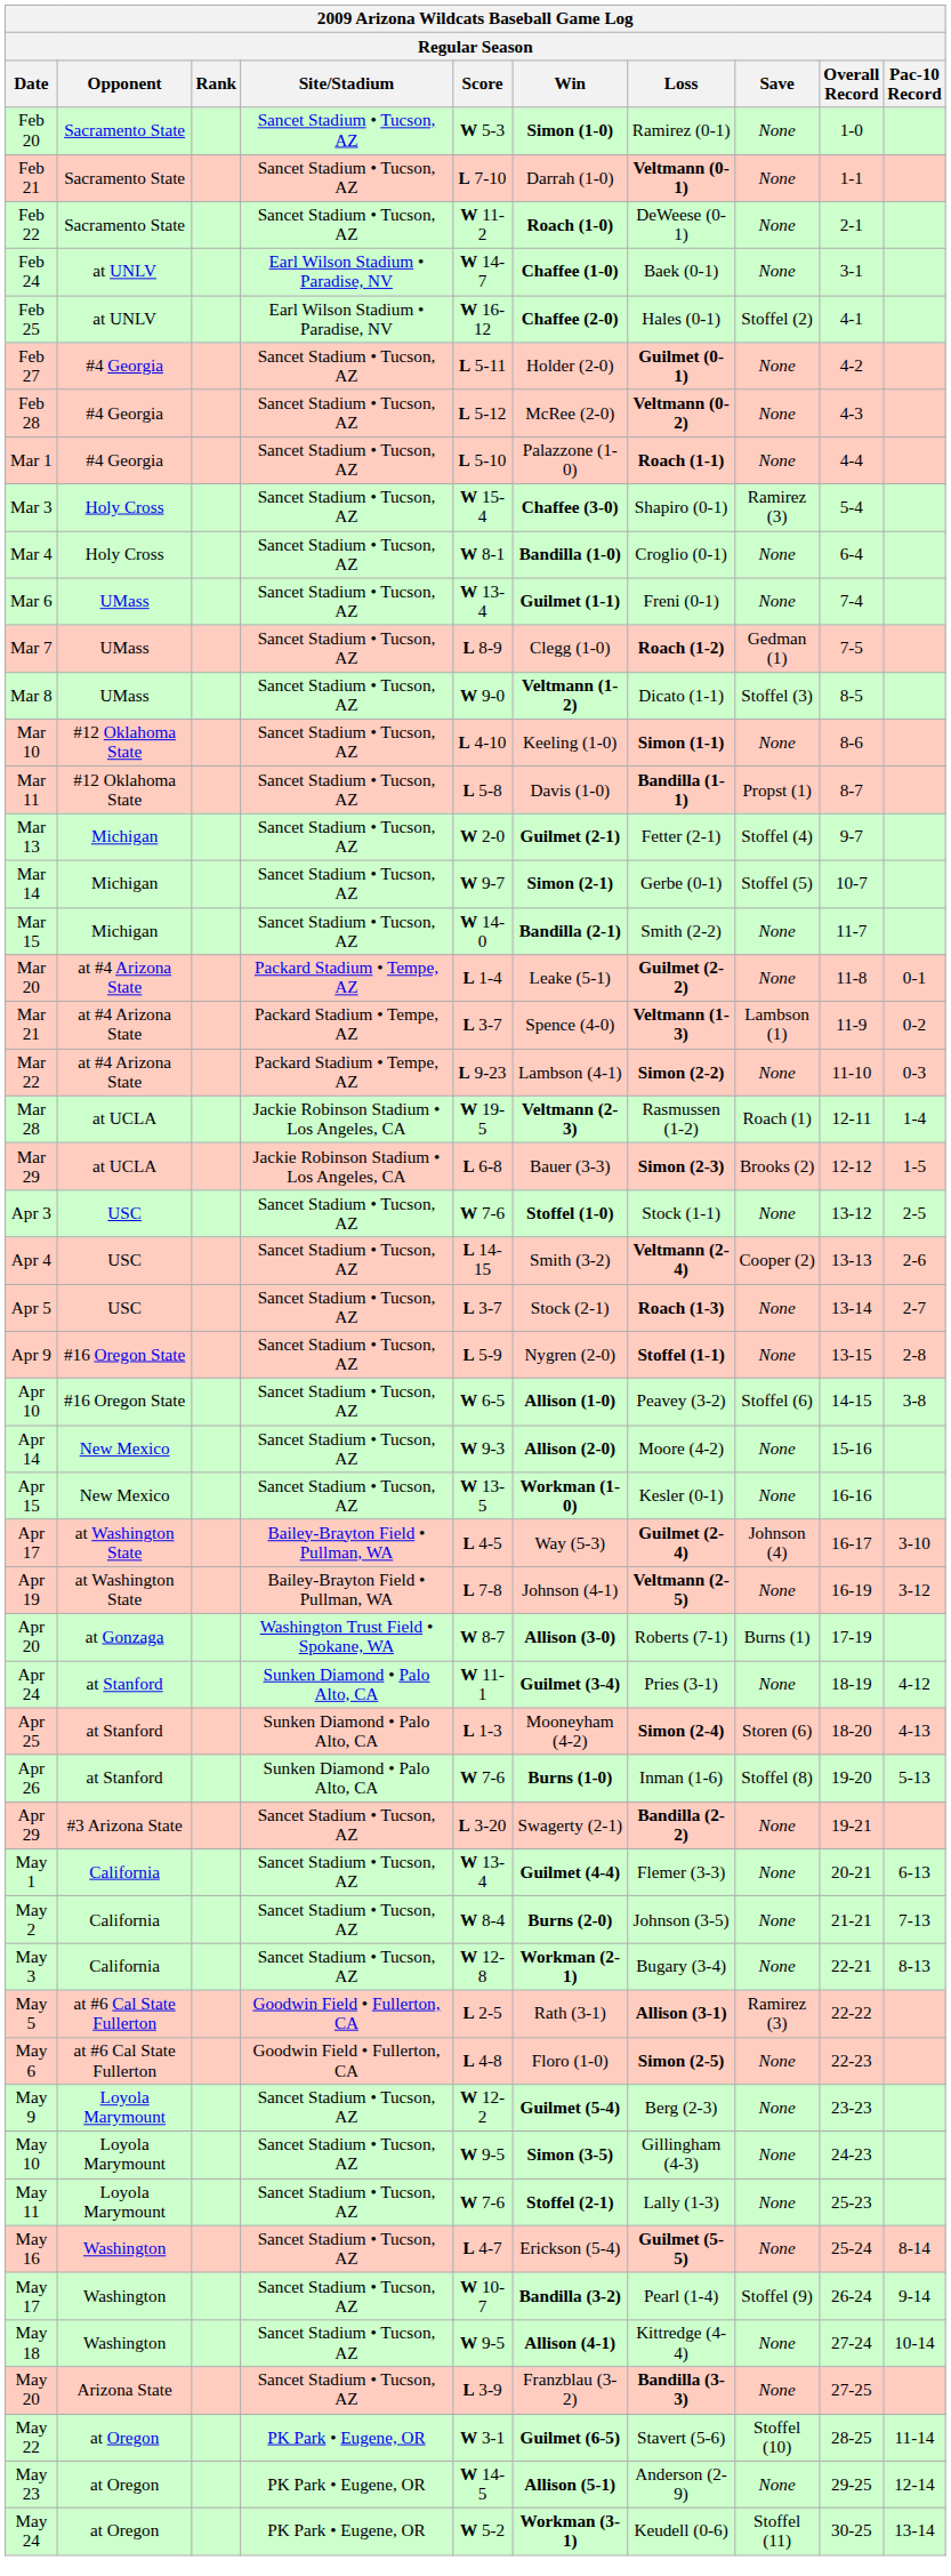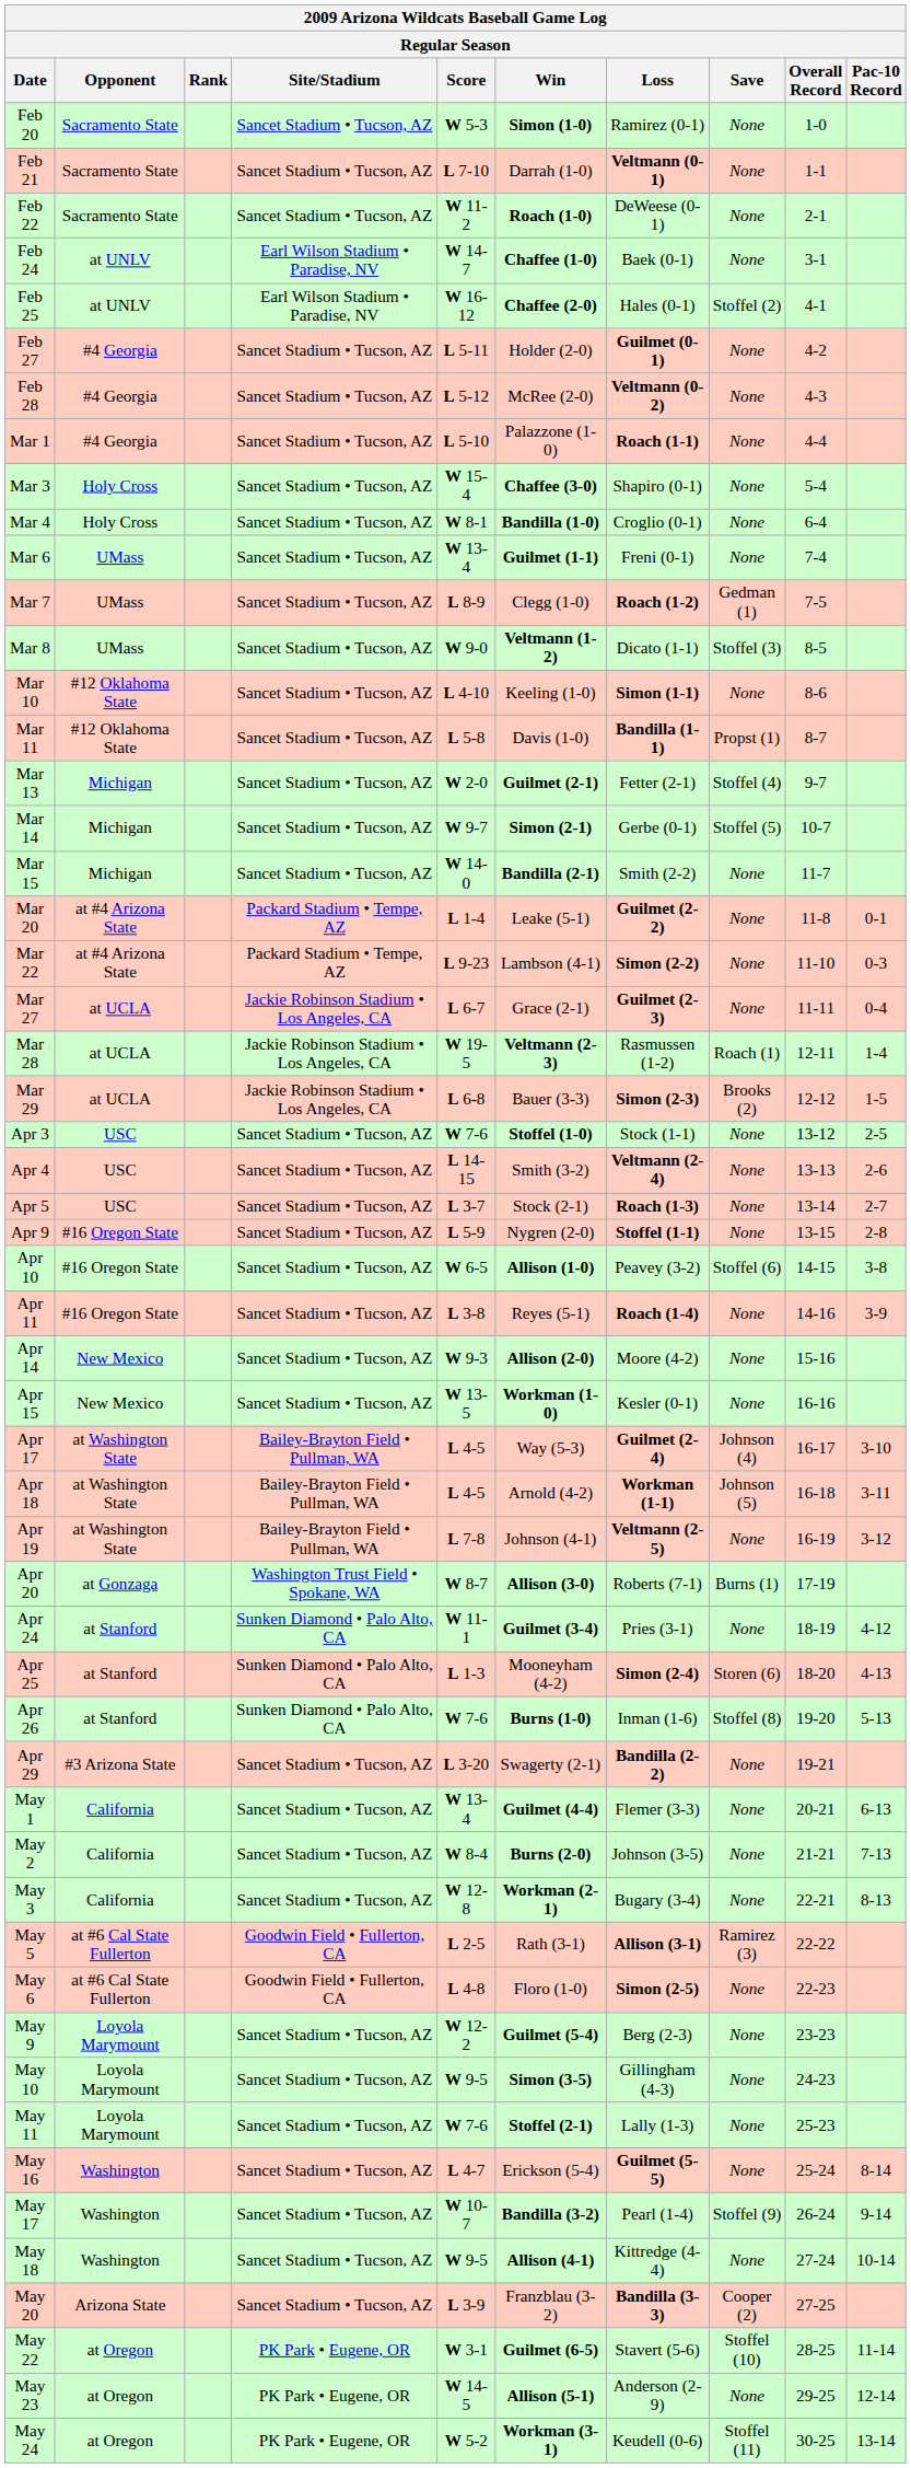 <table class="wikitable">
 <tr>
 <th colspan="10">2009 Arizona Wildcats Baseball Game Log</th>
 </tr>
 <tr>
 <th colspan="10">Regular Season</th>
 </tr>
 <tr>
 <th>Date</th>
 <th>Opponent</th>
 <th>Rank</th>
 <th>Site/Stadium</th>
 <th>Score</th>
 <th>Win</th>
 <th>Loss</th>
 <th>Save</th>
 <th>Overall<br>Record</th>
 <th>Pac-10<br>Record</th>
 </tr>
 <tr bgcolor="ccffcc" align="center">
 <td>Feb 20</td>
 <td><a href='#'>Sacramento State</a></td>
 <td></td>
 <td><a href='#'>Sancet Stadium</a> • <a href='#'>Tucson, AZ</a></td>
 <td><strong>W</strong> 5-3</td>
 <td><strong>Simon (1-0)</strong></td>
 <td>Ramirez (0-1)</td>
 <td><em>None</em></td>
 <td>1-0</td>
 <td></td>
 </tr>
 <tr bgcolor="ffccc" align="center">
 <td>Feb 21</td>
 <td>Sacramento State</td>
 <td></td>
 <td>Sancet Stadium • Tucson, AZ</td>
 <td><strong>L</strong> 7-10</td>
 <td>Darrah (1-0)</td>
 <td><strong>Veltmann (0-1)</strong></td>
 <td><em>None</em></td>
 <td>1-1</td>
 <td></td>
 </tr>
 <tr bgcolor="ccffcc" align="center">
 <td>Feb 22</td>
 <td>Sacramento State</td>
 <td></td>
 <td>Sancet Stadium • Tucson, AZ</td>
 <td><strong>W</strong> 11-2</td>
 <td><strong>Roach (1-0)</strong></td>
 <td>DeWeese (0-1)</td>
 <td><em>None</em></td>
 <td>2-1</td>
 <td></td>
 </tr>
 <tr bgcolor="ccffcc" align="center">
 <td>Feb 24</td>
 <td>at <a href='#'>UNLV</a></td>
 <td></td>
 <td><a href='#'>Earl Wilson Stadium</a> • <a href='#'>Paradise, NV</a></td>
 <td><strong>W</strong> 14-7</td>
 <td><strong>Chaffee (1-0)</strong></td>
 <td>Baek (0-1)</td>
 <td><em>None</em></td>
 <td>3-1</td>
 <td></td>
 </tr>
 <tr bgcolor="ccffcc" align="center">
 <td>Feb 25</td>
 <td>at UNLV</td>
 <td></td>
 <td>Earl Wilson Stadium • Paradise, NV</td>
 <td><strong>W</strong> 16-12</td>
 <td><strong>Chaffee (2-0)</strong></td>
 <td>Hales (0-1)</td>
 <td>Stoffel (2)</td>
 <td>4-1</td>
 <td></td>
 </tr>
 <tr bgcolor="ffccc" align="center">
 <td>Feb 27</td>
 <td>#4 <a href='#'>Georgia</a></td>
 <td></td>
 <td>Sancet Stadium • Tucson, AZ</td>
 <td><strong>L</strong> 5-11</td>
 <td>Holder (2-0)</td>
 <td><strong>Guilmet (0-1)</strong></td>
 <td><em>None</em></td>
 <td>4-2</td>
 <td></td>
 </tr>
 <tr bgcolor="ffccc" align="center">
 <td>Feb 28</td>
 <td>#4 Georgia</td>
 <td></td>
 <td>Sancet Stadium • Tucson, AZ</td>
 <td><strong>L</strong> 5-12</td>
 <td>McRee (2-0)</td>
 <td><strong>Veltmann (0-2)</strong></td>
 <td><em>None</em></td>
 <td>4-3</td>
 <td></td>
 </tr>
 <tr bgcolor="ffccc" align="center">
 <td>Mar 1</td>
 <td>#4 Georgia</td>
 <td></td>
 <td>Sancet Stadium • Tucson, AZ</td>
 <td><strong>L</strong> 5-10</td>
 <td>Palazzone (1-0)</td>
 <td><strong>Roach (1-1)</strong></td>
 <td><em>None</em></td>
 <td>4-4</td>
 <td></td>
 </tr>
 <tr bgcolor="ccffcc" align="center">
 <td>Mar 3</td>
 <td><a href='#'>Holy Cross</a></td>
 <td></td>
 <td>Sancet Stadium • Tucson, AZ</td>
 <td><strong>W</strong> 15-4</td>
 <td><strong>Chaffee (3-0)</strong></td>
 <td>Shapiro (0-1)</td>
-<td>Ramirez (3)</td>
+<td><em>None</em></td>
 <td>5-4</td>
 <td></td>
 </tr>
 <tr bgcolor="ccffcc" align="center">
 <td>Mar 4</td>
 <td>Holy Cross</td>
 <td></td>
 <td>Sancet Stadium • Tucson, AZ</td>
 <td><strong>W</strong> 8-1</td>
 <td><strong>Bandilla (1-0)</strong></td>
 <td>Croglio (0-1)</td>
 <td><em>None</em></td>
 <td>6-4</td>
 <td></td>
 </tr>
 <tr bgcolor="ccffcc" align="center">
 <td>Mar 6</td>
 <td><a href='#'>UMass</a></td>
 <td></td>
 <td>Sancet Stadium • Tucson, AZ</td>
 <td><strong>W</strong> 13-4</td>
 <td><strong>Guilmet (1-1)</strong></td>
 <td>Freni (0-1)</td>
 <td><em>None</em></td>
 <td>7-4</td>
 <td></td>
 </tr>
 <tr bgcolor="ffccc" align="center">
 <td>Mar 7</td>
 <td>UMass</td>
 <td></td>
 <td>Sancet Stadium • Tucson, AZ</td>
 <td><strong>L</strong> 8-9</td>
 <td>Clegg (1-0)</td>
 <td><strong>Roach (1-2)</strong></td>
 <td>Gedman (1)</td>
 <td>7-5</td>
 <td></td>
 </tr>
 <tr bgcolor="ccffcc" align="center">
 <td>Mar 8</td>
 <td>UMass</td>
 <td></td>
 <td>Sancet Stadium • Tucson, AZ</td>
 <td><strong>W</strong> 9-0</td>
 <td><strong>Veltmann (1-2)</strong></td>
 <td>Dicato (1-1)</td>
 <td>Stoffel (3)</td>
 <td>8-5</td>
 <td></td>
 </tr>
 <tr bgcolor="ffccc" align="center">
 <td>Mar 10</td>
 <td>#12 <a href='#'>Oklahoma State</a></td>
 <td></td>
 <td>Sancet Stadium • Tucson, AZ</td>
 <td><strong>L</strong> 4-10</td>
 <td>Keeling (1-0)</td>
 <td><strong>Simon (1-1)</strong></td>
 <td><em>None</em></td>
 <td>8-6</td>
 <td></td>
 </tr>
 <tr bgcolor="ffccc" align="center">
 <td>Mar 11</td>
 <td>#12 Oklahoma State</td>
 <td></td>
 <td>Sancet Stadium • Tucson, AZ</td>
 <td><strong>L</strong> 5-8</td>
 <td>Davis (1-0)</td>
 <td><strong>Bandilla (1-1)</strong></td>
 <td>Propst (1)</td>
 <td>8-7</td>
 <td></td>
 </tr>
 <tr bgcolor="ccffcc" align="center">
 <td>Mar 13</td>
 <td><a href='#'>Michigan</a></td>
 <td></td>
 <td>Sancet Stadium • Tucson, AZ</td>
 <td><strong>W</strong> 2-0</td>
 <td><strong>Guilmet (2-1)</strong></td>
 <td>Fetter (2-1)</td>
 <td>Stoffel (4)</td>
 <td>9-7</td>
 <td></td>
 </tr>
 <tr bgcolor="ccffcc" align="center">
 <td>Mar 14</td>
 <td>Michigan</td>
 <td></td>
 <td>Sancet Stadium • Tucson, AZ</td>
 <td><strong>W</strong> 9-7</td>
 <td><strong>Simon (2-1)</strong></td>
 <td>Gerbe (0-1)</td>
 <td>Stoffel (5)</td>
 <td>10-7</td>
 <td></td>
 </tr>
 <tr bgcolor="ccffcc" align="center">
 <td>Mar 15</td>
 <td>Michigan</td>
 <td></td>
 <td>Sancet Stadium • Tucson, AZ</td>
 <td><strong>W</strong> 14-0</td>
 <td><strong>Bandilla (2-1)</strong></td>
 <td>Smith (2-2)</td>
 <td><em>None</em></td>
 <td>11-7</td>
 <td></td>
 </tr>
 <tr bgcolor="ffccc" align="center">
 <td>Mar 20</td>
 <td>at #4 <a href='#'>Arizona State</a></td>
 <td></td>
 <td><a href='#'>Packard Stadium</a> • <a href='#'>Tempe, AZ</a></td>
 <td><strong>L</strong> 1-4</td>
 <td>Leake (5-1)</td>
 <td><strong>Guilmet (2-2)</strong></td>
 <td><em>None</em></td>
 <td>11-8</td>
 <td>0-1</td>
 </tr>
 <tr bgcolor="ffccc" align="center">
-<td>Mar 21</td>
-<td>at #4 Arizona State</td>
-<td></td>
-<td>Packard Stadium • Tempe, AZ</td>
-<td><strong>L</strong> 3-7</td>
-<td>Spence (4-0)</td>
-<td><strong>Veltmann (1-3)</strong></td>
-<td>Lambson (1)</td>
-<td>11-9</td>
-<td>0-2</td>
-</tr>
-<tr bgcolor="ffccc" align="center">
 <td>Mar 22</td>
 <td>at #4 Arizona State</td>
 <td></td>
 <td>Packard Stadium • Tempe, AZ</td>
 <td><strong>L</strong> 9-23</td>
 <td>Lambson (4-1)</td>
 <td><strong>Simon (2-2)</strong></td>
 <td><em>None</em></td>
 <td>11-10</td>
 <td>0-3</td>
+</tr>
+<tr bgcolor="ffccc" align="center">
+<td>Mar 27</td>
+<td>at <a href='#'>UCLA</a></td>
+<td></td>
+<td><a href='#'>Jackie Robinson Stadium</a> • <a href='#'>Los Angeles, CA</a></td>
+<td><strong>L</strong> 6-7</td>
+<td>Grace (2-1)</td>
+<td><strong>Guilmet (2-3)</strong></td>
+<td><em>None</em></td>
+<td>11-11</td>
+<td>0-4</td>
 </tr>
 <tr bgcolor="ccffcc" align="center">
 <td>Mar 28</td>
 <td>at UCLA</td>
 <td></td>
 <td>Jackie Robinson Stadium • Los Angeles, CA</td>
 <td><strong>W</strong> 19-5</td>
 <td><strong>Veltmann (2-3)</strong></td>
 <td>Rasmussen (1-2)</td>
 <td>Roach (1)</td>
 <td>12-11</td>
 <td>1-4</td>
 </tr>
 <tr bgcolor="ffccc" align="center">
 <td>Mar 29</td>
 <td>at UCLA</td>
 <td></td>
 <td>Jackie Robinson Stadium • Los Angeles, CA</td>
 <td><strong>L</strong> 6-8</td>
 <td>Bauer (3-3)</td>
 <td><strong>Simon (2-3)</strong></td>
 <td>Brooks (2)</td>
 <td>12-12</td>
 <td>1-5</td>
 </tr>
 <tr bgcolor="ccffcc" align="center">
 <td>Apr 3</td>
 <td><a href='#'>USC</a></td>
 <td></td>
 <td>Sancet Stadium • Tucson, AZ</td>
 <td><strong>W</strong> 7-6</td>
 <td><strong>Stoffel (1-0)</strong></td>
 <td>Stock (1-1)</td>
 <td><em>None</em></td>
 <td>13-12</td>
 <td>2-5</td>
 </tr>
 <tr bgcolor="ffccc" align="center">
 <td>Apr 4</td>
 <td>USC</td>
 <td></td>
 <td>Sancet Stadium • Tucson, AZ</td>
 <td><strong>L</strong> 14-15</td>
 <td>Smith (3-2)</td>
 <td><strong>Veltmann (2-4)</strong></td>
-<td>Cooper (2)</td>
+<td><em>None</em></td>
 <td>13-13</td>
 <td>2-6</td>
 </tr>
 <tr bgcolor="ffccc" align="center">
 <td>Apr 5</td>
 <td>USC</td>
 <td></td>
 <td>Sancet Stadium • Tucson, AZ</td>
 <td><strong>L</strong> 3-7</td>
 <td>Stock (2-1)</td>
 <td><strong>Roach (1-3)</strong></td>
 <td><em>None</em></td>
 <td>13-14</td>
 <td>2-7</td>
 </tr>
 <tr bgcolor="ffccc" align="center">
 <td>Apr 9</td>
 <td>#16 <a href='#'>Oregon State</a></td>
 <td></td>
 <td>Sancet Stadium • Tucson, AZ</td>
 <td><strong>L</strong> 5-9</td>
 <td>Nygren (2-0)</td>
 <td><strong>Stoffel (1-1)</strong></td>
 <td><em>None</em></td>
 <td>13-15</td>
 <td>2-8</td>
 </tr>
 <tr bgcolor="ccffcc" align="center">
 <td>Apr 10</td>
 <td>#16 Oregon State</td>
 <td></td>
 <td>Sancet Stadium • Tucson, AZ</td>
 <td><strong>W</strong> 6-5</td>
 <td><strong>Allison (1-0)</strong></td>
 <td>Peavey (3-2)</td>
 <td>Stoffel (6)</td>
 <td>14-15</td>
 <td>3-8</td>
 </tr>
+<tr bgcolor="ffccc" align="center">
+<td>Apr 11</td>
+<td>#16 Oregon State</td>
+<td></td>
+<td>Sancet Stadium • Tucson, AZ</td>
+<td><strong>L</strong> 3-8</td>
+<td>Reyes (5-1)</td>
+<td><strong>Roach (1-4)</strong></td>
+<td><em>None</em></td>
+<td>14-16</td>
+<td>3-9</td>
+</tr>
 <tr bgcolor="ccffcc" align="center">
 <td>Apr 14</td>
 <td><a href='#'>New Mexico</a></td>
 <td></td>
 <td>Sancet Stadium • Tucson, AZ</td>
 <td><strong>W</strong> 9-3</td>
 <td><strong>Allison (2-0)</strong></td>
 <td>Moore (4-2)</td>
 <td><em>None</em></td>
 <td>15-16</td>
 <td></td>
 </tr>
 <tr bgcolor="ccffcc" align="center">
 <td>Apr 15</td>
 <td>New Mexico</td>
 <td></td>
 <td>Sancet Stadium • Tucson, AZ</td>
 <td><strong>W</strong> 13-5</td>
 <td><strong>Workman (1-0)</strong></td>
 <td>Kesler (0-1)</td>
 <td><em>None</em></td>
 <td>16-16</td>
 <td></td>
 </tr>
 <tr bgcolor="ffccc" align="center">
 <td>Apr 17</td>
 <td>at <a href='#'>Washington State</a></td>
 <td></td>
 <td><a href='#'>Bailey-Brayton Field</a> • <a href='#'>Pullman, WA</a></td>
 <td><strong>L</strong> 4-5</td>
 <td>Way (5-3)</td>
 <td><strong>Guilmet (2-4)</strong></td>
 <td>Johnson (4)</td>
 <td>16-17</td>
 <td>3-10</td>
+</tr>
+<tr bgcolor="ffccc" align="center">
+<td>Apr 18</td>
+<td>at Washington State</td>
+<td></td>
+<td>Bailey-Brayton Field • Pullman, WA</td>
+<td><strong>L</strong> 4-5</td>
+<td>Arnold (4-2)</td>
+<td><strong>Workman (1-1)</strong></td>
+<td>Johnson (5)</td>
+<td>16-18</td>
+<td>3-11</td>
 </tr>
 <tr bgcolor="ffccc" align="center">
 <td>Apr 19</td>
 <td>at Washington State</td>
 <td></td>
 <td>Bailey-Brayton Field • Pullman, WA</td>
 <td><strong>L</strong> 7-8</td>
 <td>Johnson (4-1)</td>
 <td><strong>Veltmann (2-5)</strong></td>
 <td><em>None</em></td>
 <td>16-19</td>
 <td>3-12</td>
 </tr>
 <tr bgcolor="ccffcc" align="center">
 <td>Apr 20</td>
 <td>at <a href='#'>Gonzaga</a></td>
 <td></td>
 <td><a href='#'>Washington Trust Field</a> • <a href='#'>Spokane, WA</a></td>
 <td><strong>W</strong> 8-7</td>
 <td><strong>Allison (3-0)</strong></td>
 <td>Roberts (7-1)</td>
 <td>Burns (1)</td>
 <td>17-19</td>
 <td></td>
 </tr>
 <tr bgcolor="ccffcc" align="center">
 <td>Apr 24</td>
 <td>at <a href='#'>Stanford</a></td>
 <td></td>
 <td><a href='#'>Sunken Diamond</a> • <a href='#'>Palo Alto, CA</a></td>
 <td><strong>W</strong> 11-1</td>
 <td><strong>Guilmet (3-4)</strong></td>
 <td>Pries (3-1)</td>
 <td><em>None</em></td>
 <td>18-19</td>
 <td>4-12</td>
 </tr>
 <tr bgcolor="ffccc" align="center">
 <td>Apr 25</td>
 <td>at Stanford</td>
 <td></td>
 <td>Sunken Diamond • Palo Alto, CA</td>
 <td><strong>L</strong> 1-3</td>
 <td>Mooneyham (4-2)</td>
 <td><strong>Simon (2-4)</strong></td>
 <td>Storen (6)</td>
 <td>18-20</td>
 <td>4-13</td>
 </tr>
 <tr bgcolor="ccffcc" align="center">
 <td>Apr 26</td>
 <td>at Stanford</td>
 <td></td>
 <td>Sunken Diamond • Palo Alto, CA</td>
 <td><strong>W</strong> 7-6</td>
 <td><strong>Burns (1-0)</strong></td>
 <td>Inman (1-6)</td>
 <td>Stoffel (8)</td>
 <td>19-20</td>
 <td>5-13</td>
 </tr>
 <tr bgcolor="ffccc" align="center">
 <td>Apr 29</td>
 <td>#3 Arizona State</td>
 <td></td>
 <td>Sancet Stadium • Tucson, AZ</td>
 <td><strong>L</strong> 3-20</td>
 <td>Swagerty (2-1)</td>
 <td><strong>Bandilla (2-2)</strong></td>
 <td><em>None</em></td>
 <td>19-21</td>
 <td></td>
 </tr>
 <tr bgcolor="ccffcc" align="center">
 <td>May 1</td>
 <td><a href='#'>California</a></td>
 <td></td>
 <td>Sancet Stadium • Tucson, AZ</td>
 <td><strong>W</strong> 13-4</td>
 <td><strong>Guilmet (4-4)</strong></td>
 <td>Flemer (3-3)</td>
 <td><em>None</em></td>
 <td>20-21</td>
 <td>6-13</td>
 </tr>
 <tr bgcolor="ccffcc" align="center">
 <td>May 2</td>
 <td>California</td>
 <td></td>
 <td>Sancet Stadium • Tucson, AZ</td>
 <td><strong>W</strong> 8-4</td>
 <td><strong>Burns (2-0)</strong></td>
 <td>Johnson (3-5)</td>
 <td><em>None</em></td>
 <td>21-21</td>
 <td>7-13</td>
 </tr>
 <tr bgcolor="ccffcc" align="center">
 <td>May 3</td>
 <td>California</td>
 <td></td>
 <td>Sancet Stadium • Tucson, AZ</td>
 <td><strong>W</strong> 12-8</td>
 <td><strong>Workman (2-1)</strong></td>
 <td>Bugary (3-4)</td>
 <td><em>None</em></td>
 <td>22-21</td>
 <td>8-13</td>
 </tr>
 <tr bgcolor="ffccc" align="center">
 <td>May 5</td>
 <td>at #6 <a href='#'>Cal State Fullerton</a></td>
 <td></td>
 <td><a href='#'>Goodwin Field</a> • <a href='#'>Fullerton, CA</a></td>
 <td><strong>L</strong> 2-5</td>
 <td>Rath (3-1)</td>
 <td><strong>Allison (3-1)</strong></td>
 <td>Ramirez (3)</td>
 <td>22-22</td>
 <td></td>
 </tr>
 <tr bgcolor="ffccc" align="center">
 <td>May 6</td>
 <td>at #6 Cal State Fullerton</td>
 <td></td>
 <td>Goodwin Field • Fullerton, CA</td>
 <td><strong>L</strong> 4-8</td>
 <td>Floro (1-0)</td>
 <td><strong>Simon (2-5)</strong></td>
 <td><em>None</em></td>
 <td>22-23</td>
 <td></td>
 </tr>
 <tr bgcolor="ccffcc" align="center">
 <td>May 9</td>
 <td><a href='#'>Loyola Marymount</a></td>
 <td></td>
 <td>Sancet Stadium • Tucson, AZ</td>
 <td><strong>W</strong> 12-2</td>
 <td><strong>Guilmet (5-4)</strong></td>
 <td>Berg (2-3)</td>
 <td><em>None</em></td>
 <td>23-23</td>
 <td></td>
 </tr>
 <tr bgcolor="ccffcc" align="center">
 <td>May 10</td>
 <td>Loyola Marymount</td>
 <td></td>
 <td>Sancet Stadium • Tucson, AZ</td>
 <td><strong>W</strong> 9-5</td>
 <td><strong>Simon (3-5)</strong></td>
 <td>Gillingham (4-3)</td>
 <td><em>None</em></td>
 <td>24-23</td>
 <td></td>
 </tr>
 <tr bgcolor="ccffcc" align="center">
 <td>May 11</td>
 <td>Loyola Marymount</td>
 <td></td>
 <td>Sancet Stadium • Tucson, AZ</td>
 <td><strong>W</strong> 7-6</td>
 <td><strong>Stoffel (2-1)</strong></td>
 <td>Lally (1-3)</td>
 <td><em>None</em></td>
 <td>25-23</td>
 <td></td>
 </tr>
 <tr bgcolor="ffccc" align="center">
 <td>May 16</td>
 <td><a href='#'>Washington</a></td>
 <td></td>
 <td>Sancet Stadium • Tucson, AZ</td>
 <td><strong>L</strong> 4-7</td>
 <td>Erickson (5-4)</td>
 <td><strong>Guilmet (5-5)</strong></td>
 <td><em>None</em></td>
 <td>25-24</td>
 <td>8-14</td>
 </tr>
 <tr bgcolor="ccffcc" align="center">
 <td>May 17</td>
 <td>Washington</td>
 <td></td>
 <td>Sancet Stadium • Tucson, AZ</td>
 <td><strong>W</strong> 10-7</td>
 <td><strong>Bandilla (3-2)</strong></td>
 <td>Pearl (1-4)</td>
 <td>Stoffel (9)</td>
 <td>26-24</td>
 <td>9-14</td>
 </tr>
 <tr bgcolor="ccffcc" align="center">
 <td>May 18</td>
 <td>Washington</td>
 <td></td>
 <td>Sancet Stadium • Tucson, AZ</td>
 <td><strong>W</strong> 9-5</td>
 <td><strong>Allison (4-1)</strong></td>
 <td>Kittredge (4-4)</td>
 <td><em>None</em></td>
 <td>27-24</td>
 <td>10-14</td>
 </tr>
 <tr bgcolor="ffccc" align="center">
 <td>May 20</td>
 <td>Arizona State</td>
 <td></td>
 <td>Sancet Stadium • Tucson, AZ</td>
 <td><strong>L</strong> 3-9</td>
 <td>Franzblau (3-2)</td>
 <td><strong>Bandilla (3-3)</strong></td>
-<td><em>None</em></td>
+<td>Cooper (2)</td>
 <td>27-25</td>
 <td></td>
 </tr>
 <tr bgcolor="ccffcc" align="center">
 <td>May 22</td>
 <td>at <a href='#'>Oregon</a></td>
 <td></td>
 <td><a href='#'>PK Park</a> • <a href='#'>Eugene, OR</a></td>
 <td><strong>W</strong> 3-1</td>
 <td><strong>Guilmet (6-5)</strong></td>
 <td>Stavert (5-6)</td>
 <td>Stoffel (10)</td>
 <td>28-25</td>
 <td>11-14</td>
 </tr>
 <tr bgcolor="ccffcc" align="center">
 <td>May 23</td>
 <td>at Oregon</td>
 <td></td>
 <td>PK Park • Eugene, OR</td>
 <td><strong>W</strong> 14-5</td>
 <td><strong>Allison (5-1)</strong></td>
 <td>Anderson (2-9)</td>
 <td><em>None</em></td>
 <td>29-25</td>
 <td>12-14</td>
 </tr>
 <tr bgcolor="ccffcc" align="center">
 <td>May 24</td>
 <td>at Oregon</td>
 <td></td>
 <td>PK Park • Eugene, OR</td>
 <td><strong>W</strong> 5-2</td>
 <td><strong>Workman (3-1)</strong></td>
 <td>Keudell (0-6)</td>
 <td>Stoffel (11)</td>
 <td>30-25</td>
 <td>13-14</td>
 </tr>
 </table>
